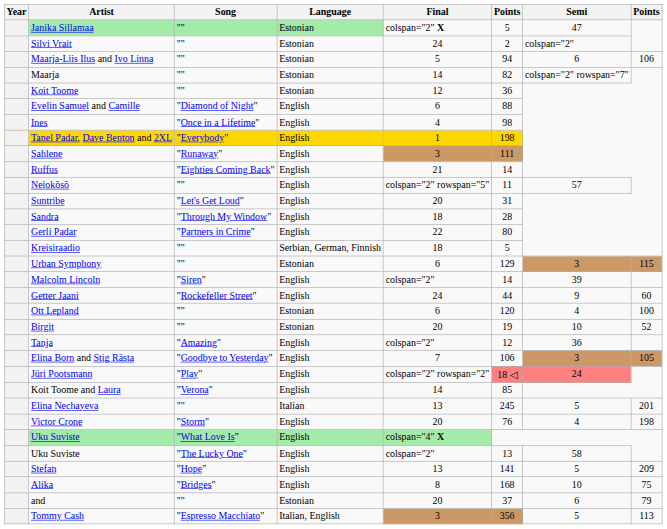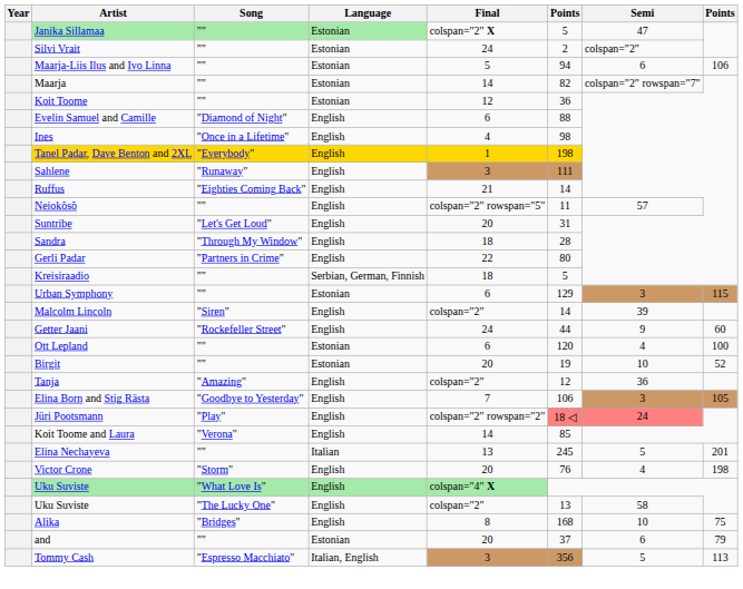 <table class="wikitable sortable plainrowheaders">
 <tr>
 <th scope="col">Year</th>
 <th scope="col">Artist</th>
 <th scope="col">Song</th>
 <th scope="col">Language</th>
 <th scope="col" data-sort-type="number">Final</th>
 <th scope="col" data-sort-type="number">Points</th>
 <th scope="col" data-sort-type="number">Semi</th>
 <th scope="col" data-sort-type="number">Points</th>
 </tr>
 <tr>
 <th scope="row" style="text-align:center;"></th>
 <td style="background-color:#A4EAA9;"><a href='#'>Janika Sillamaa</a></td>
 <td style="background-color:#A4EAA9;">""</td>
 <td style="background-color:#A4EAA9;">Estonian</td>
 <td>colspan="2"  <strong>X</strong></td>
 <td style="text-align:center;">5</td>
 <td style="text-align:center;">47</td>
 </tr>
 <tr>
 <th scope="row" style="text-align:center;"></th>
 <td><a href='#'>Silvi Vrait</a></td>
 <td>""</td>
 <td>Estonian</td>
 <td style="text-align:center;">24</td>
 <td style="text-align:center;">2</td>
 <td>colspan="2" </td>
 </tr>
 <tr>
 <th scope="row" style="text-align:center;"></th>
 <td><a href='#'>Maarja-Liis Ilus</a> and <a href='#'>Ivo Linna</a></td>
 <td>""</td>
 <td>Estonian</td>
 <td style="text-align:center;">5</td>
 <td style="text-align:center;">94</td>
 <td style="text-align:center;">6</td>
 <td style="text-align:center;">106</td>
 </tr>
 <tr>
 <th scope="row" style="text-align:center;"></th>
 <td>Maarja</td>
 <td>""</td>
 <td>Estonian</td>
 <td style="text-align:center;">14</td>
 <td style="text-align:center;">82</td>
 <td>colspan="2" rowspan="7" </td>
 </tr>
 <tr>
 <th scope="row" style="text-align:center;"></th>
 <td><a href='#'>Koit Toome</a></td>
 <td>""</td>
 <td>Estonian</td>
 <td style="text-align:center;">12</td>
 <td style="text-align:center;">36</td>
 </tr>
 <tr>
 <th scope="row" style="text-align:center;"></th>
 <td><a href='#'>Evelin Samuel</a> and <a href='#'>Camille</a></td>
 <td>"<a href='#'>Diamond of Night</a>"</td>
 <td>English</td>
 <td style="text-align:center;">6</td>
 <td style="text-align:center;">88</td>
 </tr>
 <tr>
 <th scope="row" style="text-align:center;"></th>
 <td><a href='#'>Ines</a></td>
 <td>"<a href='#'>Once in a Lifetime</a>"</td>
 <td>English</td>
 <td style="text-align:center;">4</td>
 <td style="text-align:center;">98</td>
 </tr>
 <tr style="background-color:#FFD700;">
 <th scope="row" style="text-align:center;"></th>
 <td><a href='#'>Tanel Padar</a>, <a href='#'>Dave Benton</a> and <a href='#'>2XL</a></td>
 <td>"<a href='#'>Everybody</a>"</td>
 <td>English</td>
 <td style="text-align:center;">1</td>
 <td style="text-align:center;">198</td>
 </tr>
 <tr>
 <th scope="row" style="text-align:center;"></th>
 <td><a href='#'>Sahlene</a></td>
 <td>"<a href='#'>Runaway</a>"</td>
 <td>English</td>
 <td style="text-align:center; background-color:#C96;">3</td>
 <td style="text-align:center; background-color:#C96;">111</td>
 </tr>
 <tr>
 <th scope="row" style="text-align:center;"></th>
 <td><a href='#'>Ruffus</a></td>
 <td>"<a href='#'>Eighties Coming Back</a>"</td>
 <td>English</td>
 <td style="text-align:center;">21</td>
 <td style="text-align:center;">14</td>
 </tr>
 <tr>
 <th scope="row" style="text-align:center;"></th>
 <td><a href='#'>Neiokõsõ</a></td>
 <td>""</td>
 <td>English</td>
 <td>colspan="2" rowspan="5" </td>
 <td style="text-align:center;">11</td>
 <td style="text-align:center;">57</td>
 </tr>
 <tr>
 <th scope="row" style="text-align:center;"></th>
 <td><a href='#'>Suntribe</a></td>
 <td>"<a href='#'>Let's Get Loud</a>"</td>
 <td>English</td>
 <td style="text-align:center;">20</td>
 <td style="text-align:center;">31</td>
 </tr>
 <tr>
 <th scope="row" style="text-align:center;"></th>
 <td><a href='#'>Sandra</a></td>
 <td>"<a href='#'>Through My Window</a>"</td>
 <td>English</td>
 <td style="text-align:center;">18</td>
 <td style="text-align:center;">28</td>
 </tr>
 <tr>
 <th scope="row" style="text-align:center;"></th>
 <td><a href='#'>Gerli Padar</a></td>
 <td>"<a href='#'>Partners in Crime</a>"</td>
 <td>English</td>
 <td style="text-align:center;">22</td>
 <td style="text-align:center;">80</td>
 </tr>
 <tr>
 <th scope="row" style="text-align:center;"></th>
 <td><a href='#'>Kreisiraadio</a></td>
 <td>""</td>
 <td>Serbian, German, Finnish</td>
 <td style="text-align:center;">18</td>
 <td style="text-align:center;">5</td>
 </tr>
 <tr>
 <th scope="row" style="text-align:center;"></th>
 <td><a href='#'>Urban Symphony</a></td>
 <td>""</td>
 <td>Estonian</td>
 <td style="text-align:center;">6</td>
 <td style="text-align:center;">129</td>
 <td align=center bgcolor="#CC9966">3</td>
 <td align=center bgcolor="#CC9966">115</td>
 </tr>
 <tr>
 <th scope="row" style="text-align:center;"></th>
 <td><a href='#'>Malcolm Lincoln</a></td>
 <td>"<a href='#'>Siren</a>"</td>
 <td>English</td>
 <td>colspan="2" </td>
 <td style="text-align:center;">14</td>
 <td style="text-align:center;">39</td>
 </tr>
 <tr>
 <th scope="row" style="text-align:center;"></th>
 <td><a href='#'>Getter Jaani</a></td>
 <td>"<a href='#'>Rockefeller Street</a>"</td>
 <td>English</td>
 <td style="text-align:center;">24</td>
 <td style="text-align:center;">44</td>
 <td style="text-align:center;">9</td>
 <td style="text-align:center;">60</td>
 </tr>
 <tr>
 <th scope="row" style="text-align:center;"></th>
 <td><a href='#'>Ott Lepland</a></td>
 <td>""</td>
 <td>Estonian</td>
 <td style="text-align:center;">6</td>
 <td style="text-align:center;">120</td>
 <td style="text-align:center;">4</td>
 <td style="text-align:center;">100</td>
 </tr>
 <tr>
 <th scope="row" style="text-align:center;"></th>
 <td><a href='#'>Birgit</a></td>
 <td>""</td>
 <td>Estonian</td>
 <td style="text-align:center;">20</td>
 <td style="text-align:center;">19</td>
 <td style="text-align:center;">10</td>
 <td style="text-align:center;">52</td>
 </tr>
 <tr>
 <th scope="row" style="text-align:center;"></th>
 <td><a href='#'>Tanja</a></td>
 <td>"<a href='#'>Amazing</a>"</td>
 <td>English</td>
 <td>colspan="2" </td>
 <td style="text-align:center;">12</td>
 <td style="text-align:center;">36</td>
 </tr>
 <tr>
 <th scope="row" style="text-align:center;"></th>
 <td><a href='#'>Elina Born</a> and <a href='#'>Stig Rästa</a></td>
 <td>"<a href='#'>Goodbye to Yesterday</a>"</td>
 <td>English</td>
 <td style="text-align:center;">7</td>
 <td style="text-align:center;">106</td>
 <td style="text-align:center; background-color:#C96;">3</td>
 <td style="text-align:center; background-color:#C96;">105</td>
 </tr>
 <tr>
 <th scope="row" style="text-align:center;"></th>
 <td><a href='#'>Jüri Pootsmann</a></td>
 <td>"<a href='#'>Play</a>"</td>
 <td>English</td>
 <td>colspan="2" rowspan="2" </td>
 <td style="text-align:center; background-color:#FE8080;">18 ◁</td>
 <td style="text-align:center; background-color:#FE8080;">24</td>
 </tr>
 <tr>
 <th scope="row" style="text-align:center;"></th>
 <td>Koit Toome and <a href='#'>Laura</a></td>
 <td>"<a href='#'>Verona</a>"</td>
 <td>English</td>
 <td style="text-align:center;">14</td>
 <td style="text-align:center;">85</td>
 </tr>
 <tr>
 <th scope="row" style="text-align:center;"></th>
 <td><a href='#'>Elina Nechayeva</a></td>
 <td>""</td>
 <td>Italian</td>
 <td style="text-align:center;">13</td>
 <td style="text-align:center;">245</td>
 <td style="text-align:center;">5</td>
 <td style="text-align:center;">201</td>
 </tr>
 <tr>
 <th scope="row" style="text-align:center;"></th>
 <td><a href='#'>Victor Crone</a></td>
 <td>"<a href='#'>Storm</a>"</td>
 <td>English</td>
 <td style="text-align:center;">20</td>
 <td style="text-align:center;">76</td>
 <td style="text-align:center;">4</td>
 <td style="text-align:center;">198</td>
 </tr>
 <tr style="background-color:#A4EAA9;">
 <th scope="row" style="text-align:center;"></th>
 <td><a href='#'>Uku Suviste</a></td>
 <td>"<a href='#'>What Love Is</a>"</td>
 <td>English</td>
 <td>colspan="4"  <strong>X</strong></td>
 </tr>
 <tr>
 <th scope="row" style="text-align:center;"></th>
 <td>Uku Suviste</td>
 <td>"<a href='#'>The Lucky One</a>"</td>
 <td>English</td>
 <td>colspan="2" </td>
 <td style="text-align:center;">13</td>
 <td style="text-align:center;">58</td>
 </tr>
 <tr>
 <th scope="row" style="text-align:center;"></th>
-<td><a href='#'>Stefan</a></td>
-<td>"<a href='#'>Hope</a>"</td>
-<td>English</td>
-<td style="text-align:center;">13</td>
-<td style="text-align:center;">141</td>
-<td style="text-align:center;">5</td>
-<td style="text-align:center;">209</td>
-</tr>
-<tr>
-<th scope="row" style="text-align:center;"></th>
 <td><a href='#'>Alika</a></td>
 <td>"<a href='#'>Bridges</a>"</td>
 <td>English</td>
 <td style="text-align:center;">8</td>
 <td style="text-align:center;">168</td>
 <td style="text-align:center;">10</td>
 <td style="text-align:center;">75</td>
 </tr>
 <tr>
 <th scope="row" style="text-align:center;"></th>
 <td> and </td>
 <td>""</td>
 <td>Estonian</td>
 <td style="text-align:center;">20</td>
 <td style="text-align:center;">37</td>
 <td style="text-align:center;">6</td>
 <td style="text-align:center;">79</td>
 </tr>
 <tr>
 <th scope="row" style="text-align:center;"></th>
 <td><a href='#'>Tommy Cash</a></td>
 <td>"<a href='#'>Espresso Macchiato</a>"</td>
 <td>Italian, English</td>
 <td style="text-align:center; background-color:#C96;">3</td>
 <td style="text-align:center; background-color:#C96;">356</td>
 <td style="text-align:center;">5</td>
 <td style="text-align:center;">113</td>
 </tr>
 </table>
